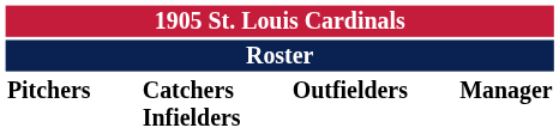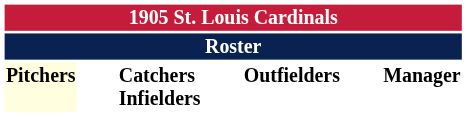 <table class="toccolours" style="font-size: 95%;">
 <tr>
 <th colspan="10" style="background-color: #c41c3a; color: white; text-align: center;">1905 St. Louis Cardinals</th>
 </tr>
 <tr>
 <td colspan="10" style="background-color: #0a2252; color: white; text-align: center;"><strong>Roster</strong></td>
 </tr>
 <tr>
-<td valign="top"><strong>Pitchers</strong><br>         </td>
+<td valign="top" style="background: lightyellow;"><strong>Pitchers</strong><br>         </td>
 <td width="25px"></td>
 <td valign="top"><strong>Catchers</strong><br>     <strong>Infielders</strong>         </td>
 <td width="25px"></td>
 <td valign="top"><strong>Outfielders</strong><br>     </td>
 <td width="25px"></td>
 <td valign="top"><strong>Manager</strong><br>  </td>
 </tr>
 </table>
